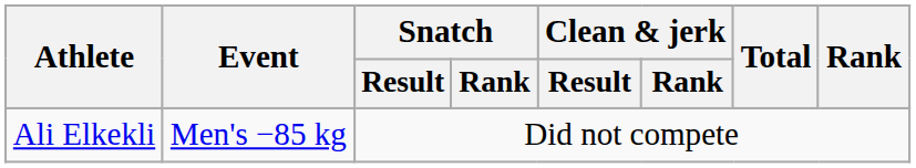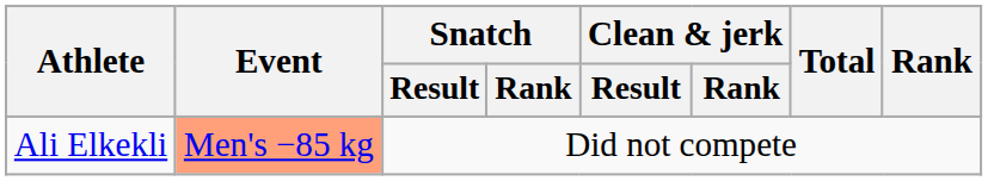 <table class="wikitable" style="font-size:90%">
 <tr>
 <th rowspan="2">Athlete</th>
 <th rowspan="2">Event</th>
 <th colspan="2">Snatch</th>
 <th colspan="2">Clean & jerk</th>
 <th rowspan="2">Total</th>
 <th rowspan="2">Rank</th>
 </tr>
 <tr style="font-size:95%">
 <th>Result</th>
 <th>Rank</th>
 <th>Result</th>
 <th>Rank</th>
 </tr>
 <tr align=center>
 <td align=left><a href='#'>Ali Elkekli</a></td>
-<td align=left><a href='#'>Men's −85 kg</a></td>
+<td align=left style="background: lightsalmon;"><a href='#'>Men's −85 kg</a></td>
 <td colspan=6>Did not compete</td>
 </tr>
 </table>
